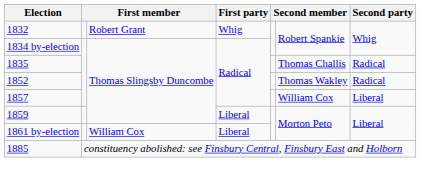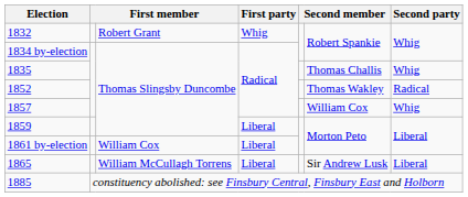 <table class="wikitable">
 <tr>
 <th>Election</th>
 <th colspan="2">First member</th>
 <th>First party</th>
 <th colspan="2">Second member</th>
 <th>Second party</th>
 </tr>
 <tr>
 <td><a href='#'>1832</a></td>
 <td style="color:inherit;background-color: "></td>
 <td><a href='#'>Robert Grant</a></td>
 <td><a href='#'>Whig</a></td>
 <td rowspan="2" style="color:inherit;background-color: "></td>
 <td rowspan="2"><a href='#'>Robert Spankie</a></td>
 <td rowspan="2"><a href='#'>Whig</a></td>
 </tr>
 <tr>
 <td><a href='#'>1834 by-election</a></td>
 <td rowspan="4" style="color:inherit;background-color: "></td>
 <td rowspan="5"><a href='#'>Thomas Slingsby Duncombe</a></td>
 <td rowspan="4"><a href='#'>Radical</a></td>
 </tr>
 <tr>
 <td><a href='#'>1835</a></td>
 <td style="color:inherit;background-color: "></td>
 <td><a href='#'>Thomas Challis</a></td>
-<td><a href='#'>Radical</a></td>
+<td><a href='#'>Whig</a></td>
 </tr>
 <tr>
 <td><a href='#'>1852</a></td>
 <td style="color:inherit;background-color: "></td>
 <td><a href='#'>Thomas Wakley</a></td>
 <td><a href='#'>Radical</a></td>
 </tr>
 <tr>
 <td><a href='#'>1857</a></td>
 <td style="color:inherit;background-color: "></td>
 <td><a href='#'>William Cox</a></td>
-<td><a href='#'>Liberal</a></td>
+<td><a href='#'>Whig</a></td>
 </tr>
 <tr>
 <td><a href='#'>1859</a></td>
 <td style="color:inherit;background-color: "></td>
 <td><a href='#'>Liberal</a></td>
 <td rowspan="2" style="color:inherit;background-color: "></td>
 <td rowspan="2"><a href='#'>Morton Peto</a></td>
 <td rowspan="2"><a href='#'>Liberal</a></td>
 </tr>
 <tr>
 <td><a href='#'>1861 by-election</a></td>
 <td style="color:inherit;background-color: "></td>
 <td><a href='#'>William Cox</a></td>
 <td><a href='#'>Liberal</a></td>
 </tr>
 <tr>
+<td><a href='#'>1865</a></td>
+<td style="color:inherit;background-color: "></td>
+<td><a href='#'>William McCullagh Torrens</a></td>
+<td><a href='#'>Liberal</a></td>
+<td style="color:inherit;background-color: "></td>
+<td>Sir <a href='#'>Andrew Lusk</a></td>
+<td><a href='#'>Liberal</a></td>
+</tr>
+<tr>
 <td><a href='#'>1885</a></td>
 <td colspan="6"><em>constituency abolished: see <a href='#'>Finsbury Central</a>, <a href='#'>Finsbury East</a> and <a href='#'>Holborn</a></em></td>
 </tr>
 </table>
